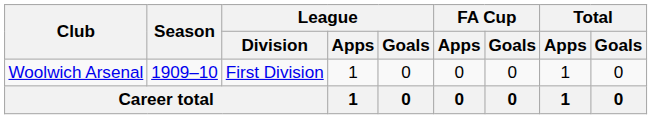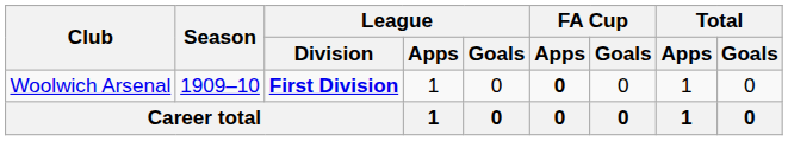 <table class="wikitable" style="text-align: center;">
 <tr>
 <th rowspan="2">Club</th>
 <th rowspan="2">Season</th>
 <th colspan="3">League</th>
 <th colspan="2">FA Cup</th>
 <th colspan="2">Total</th>
 </tr>
 <tr>
 <th>Division</th>
 <th>Apps</th>
 <th>Goals</th>
 <th>Apps</th>
 <th>Goals</th>
 <th>Apps</th>
 <th>Goals</th>
 </tr>
 <tr>
 <td><a href='#'>Woolwich Arsenal</a></td>
 <td><a href='#'>1909–10</a></td>
-<td><a href='#'>First Division</a></td>
+<td><strong><a href='#'>First Division</a></strong></td>
 <td>1</td>
 <td>0</td>
-<td>0</td>
+<td><strong>0</strong></td>
 <td>0</td>
 <td>1</td>
 <td>0</td>
 </tr>
 <tr>
 <th colspan="3">Career total</th>
 <th>1</th>
 <th>0</th>
 <th>0</th>
 <th>0</th>
 <th>1</th>
 <th>0</th>
 </tr>
 </table>
